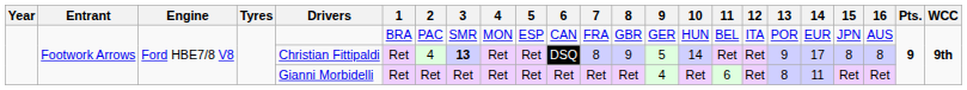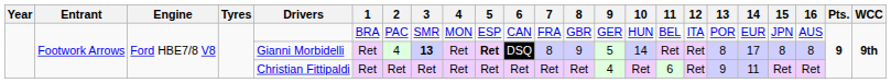 <table class="wikitable" style="text-align:center; font-size:95%">
 <tr>
 <th>Year</th>
 <th>Entrant</th>
 <th>Engine</th>
 <th>Tyres</th>
 <th>Drivers</th>
 <th>1</th>
 <th>2</th>
 <th>3</th>
 <th>4</th>
 <th>5</th>
 <th>6</th>
 <th>7</th>
 <th>8</th>
 <th>9</th>
 <th>10</th>
 <th>11</th>
 <th>12</th>
 <th>13</th>
 <th>14</th>
 <th>15</th>
 <th>16</th>
 <th>Pts.</th>
 <th>WCC</th>
 </tr>
 <tr>
 <td rowspan="3"></td>
 <td rowspan="3"><a href='#'>Footwork Arrows</a></td>
 <td rowspan="3"><a href='#'>Ford</a> HBE7/8 <a href='#'>V8</a></td>
 <td rowspan="3"></td>
 <td></td>
 <td><a href='#'>BRA</a></td>
 <td><a href='#'>PAC</a></td>
 <td><a href='#'>SMR</a></td>
 <td><a href='#'>MON</a></td>
 <td><a href='#'>ESP</a></td>
 <td><a href='#'>CAN</a></td>
 <td><a href='#'>FRA</a></td>
 <td><a href='#'>GBR</a></td>
 <td><a href='#'>GER</a></td>
 <td><a href='#'>HUN</a></td>
 <td><a href='#'>BEL</a></td>
 <td><a href='#'>ITA</a></td>
 <td><a href='#'>POR</a></td>
 <td><a href='#'>EUR</a></td>
 <td><a href='#'>JPN</a></td>
 <td><a href='#'>AUS</a></td>
 <td rowspan="3"><strong>9</strong></td>
 <td rowspan="3"><strong>9th</strong></td>
 </tr>
 <tr>
-<td align="left"><a href='#'>Christian Fittipaldi</a></td>
+<td align="left"><a href='#'>Gianni Morbidelli</a></td>
 <td style="background:#efcfff;">Ret</td>
 <td style="background:#dfffdf;">4</td>
 <td style="background:#cfcfff;"><strong>13</strong></td>
 <td style="background:#efcfff;">Ret</td>
-<td style="background:#efcfff;">Ret</td>
+<td style="background:#efcfff;"><strong>Ret</strong></td>
 <td style="background:#000000; color:white">DSQ</td>
 <td style="background:#cfcfff;">8</td>
 <td style="background:#cfcfff;">9</td>
 <td style="background:#dfffdf;">5</td>
 <td style="background:#cfcfff;">14</td>
 <td style="background:#efcfff;">Ret</td>
 <td style="background:#efcfff;">Ret</td>
-<td style="background:#cfcfff;">9</td>
+<td style="background:#cfcfff;">8</td>
 <td style="background:#cfcfff;">17</td>
 <td style="background:#cfcfff;">8</td>
 <td style="background:#cfcfff;">8</td>
 </tr>
 <tr>
-<td align="left"><a href='#'>Gianni Morbidelli</a></td>
+<td align="left"><a href='#'>Christian Fittipaldi</a></td>
 <td style="background:#efcfff;">Ret</td>
 <td style="background:#efcfff;">Ret</td>
 <td style="background:#efcfff;">Ret</td>
 <td style="background:#efcfff;">Ret</td>
 <td style="background:#efcfff;">Ret</td>
 <td style="background:#efcfff;">Ret</td>
 <td style="background:#efcfff;">Ret</td>
 <td style="background:#efcfff;">Ret</td>
 <td style="background:#dfffdf;">4</td>
 <td style="background:#efcfff;">Ret</td>
 <td style="background:#dfffdf;">6</td>
 <td style="background:#efcfff;">Ret</td>
-<td style="background:#cfcfff;">8</td>
+<td style="background:#cfcfff;">9</td>
 <td style="background:#cfcfff;">11</td>
 <td style="background:#efcfff;">Ret</td>
 <td style="background:#efcfff;">Ret</td>
 </tr>
 </table>
